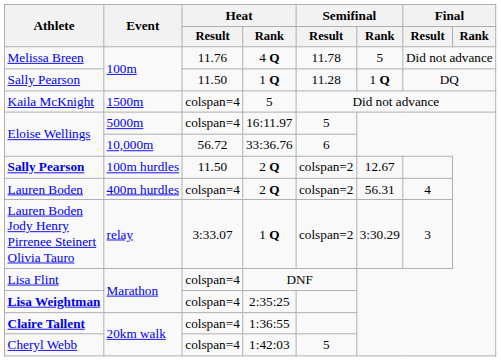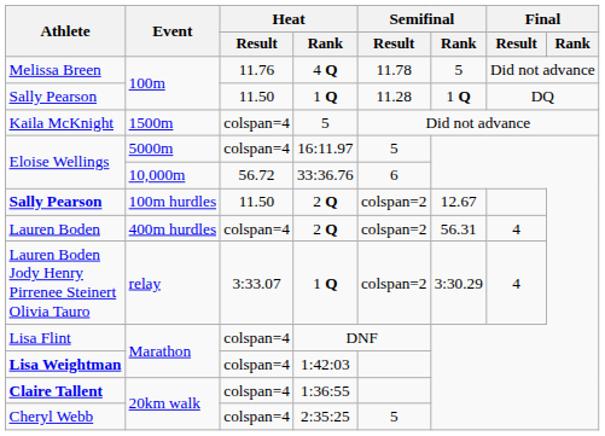 <table class=wikitable style="font-size:90%">
 <tr>
 <th rowspan="2">Athlete</th>
 <th rowspan="2">Event</th>
 <th colspan="2">Heat</th>
 <th colspan="2">Semifinal</th>
 <th colspan="2">Final</th>
 </tr>
 <tr style="font-size:95%">
 <th>Result</th>
 <th>Rank</th>
 <th>Result</th>
 <th>Rank</th>
 <th>Result</th>
 <th>Rank</th>
 </tr>
 <tr align=center>
 <td align=left><a href='#'>Melissa Breen</a></td>
 <td align=left rowspan=2><a href='#'>100m</a></td>
 <td>11.76</td>
 <td>4 <strong>Q</strong></td>
 <td>11.78</td>
 <td>5</td>
 <td colspan=2>Did not advance</td>
 </tr>
 <tr align=center>
 <td align=left><a href='#'>Sally Pearson</a></td>
 <td>11.50</td>
 <td>1 <strong>Q</strong></td>
 <td>11.28</td>
 <td>1 <strong>Q</strong></td>
 <td colspan=2>DQ</td>
 </tr>
 <tr align=center>
 <td align=left><a href='#'>Kaila McKnight</a></td>
 <td align=left><a href='#'>1500m</a></td>
 <td>colspan=4 </td>
 <td>5</td>
 <td colspan=4>Did not advance</td>
 </tr>
 <tr align=center>
 <td align=left rowspan=2><a href='#'>Eloise Wellings</a></td>
 <td align=left><a href='#'>5000m</a></td>
 <td>colspan=4 </td>
 <td>16:11.97</td>
 <td>5</td>
 </tr>
 <tr align=center>
 <td align=left><a href='#'>10,000m</a></td>
 <td>56.72</td>
 <td>33:36.76</td>
 <td>6</td>
 </tr>
 <tr align=center>
 <td align=left><strong><a href='#'>Sally Pearson</a></strong></td>
 <td align=left><a href='#'>100m hurdles</a></td>
 <td>11.50</td>
 <td>2 <strong>Q</strong></td>
 <td>colspan=2 </td>
 <td>12.67</td>
 <td></td>
 </tr>
 <tr align=center>
 <td align=left><a href='#'>Lauren Boden</a></td>
 <td align=left><a href='#'>400m hurdles</a></td>
 <td>colspan=4 </td>
 <td>2 <strong>Q</strong></td>
 <td>colspan=2 </td>
 <td>56.31</td>
 <td>4</td>
 </tr>
 <tr align=center>
 <td align=left><a href='#'>Lauren Boden</a><br><a href='#'>Jody Henry</a><br><a href='#'>Pirrenee Steinert</a><br><a href='#'>Olivia Tauro</a></td>
 <td align=left><a href='#'> relay</a></td>
 <td>3:33.07</td>
 <td>1 <strong>Q</strong></td>
 <td>colspan=2 </td>
 <td>3:30.29</td>
-<td>3</td>
+<td>4</td>
 </tr>
 <tr align=center>
 <td align=left><a href='#'>Lisa Flint</a></td>
 <td align=left rowspan=2><a href='#'>Marathon</a></td>
 <td>colspan=4 </td>
 <td colspan=2>DNF</td>
 </tr>
 <tr align=center>
 <td align=left><strong><a href='#'>Lisa Weightman</a></strong></td>
 <td>colspan=4 </td>
-<td>2:35:25</td>
+<td>1:42:03</td>
 <td></td>
 </tr>
 <tr align=center>
 <td align=left><strong><a href='#'>Claire Tallent</a></strong></td>
 <td align=left rowspan=2><a href='#'>20km walk</a></td>
 <td>colspan=4 </td>
 <td>1:36:55</td>
 <td></td>
 </tr>
 <tr align=center>
 <td align=left><a href='#'>Cheryl Webb</a></td>
 <td>colspan=4 </td>
-<td>1:42:03</td>
+<td>2:35:25</td>
 <td>5</td>
 </tr>
 </table>
